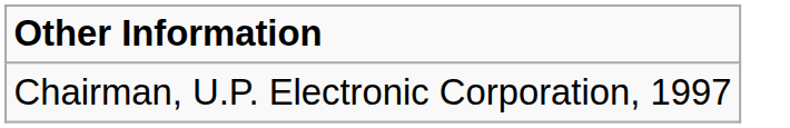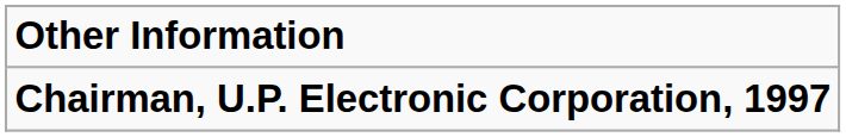 <table class="wikitable">
 <tr>
 <td><strong>Other Information</strong></td>
 </tr>
 <tr>
-<td>Chairman, U.P. Electronic Corporation, 1997</td>
+<td><strong>Chairman, U.P. Electronic Corporation, 1997</strong></td>
 </tr>
 </table>
